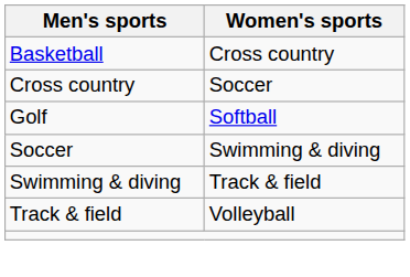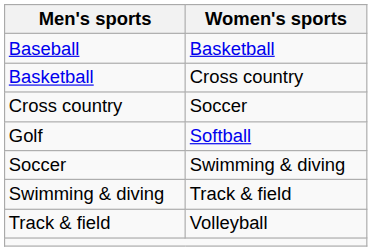 <table class="wikitable"; style= "text-align: ">
 <tr>
 <th width=150px>Men's sports</th>
 <th width=150px>Women's sports</th>
+</tr>
+<tr>
+<td><a href='#'>Baseball</a></td>
+<td><a href='#'>Basketball</a></td>
 </tr>
 <tr>
 <td><a href='#'>Basketball</a></td>
 <td>Cross country</td>
 </tr>
 <tr>
 <td>Cross country</td>
 <td>Soccer</td>
 </tr>
 <tr>
 <td>Golf</td>
 <td><a href='#'>Softball</a></td>
 </tr>
 <tr>
 <td>Soccer</td>
 <td>Swimming & diving</td>
 </tr>
 <tr>
 <td>Swimming & diving</td>
 <td>Track & field</td>
 </tr>
 <tr>
 <td>Track & field</td>
 <td>Volleyball</td>
 </tr>
 <tr>
 <td colspan=2></td>
 </tr>
 </table>
